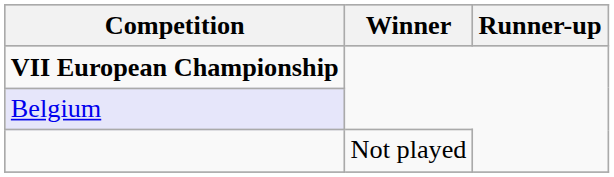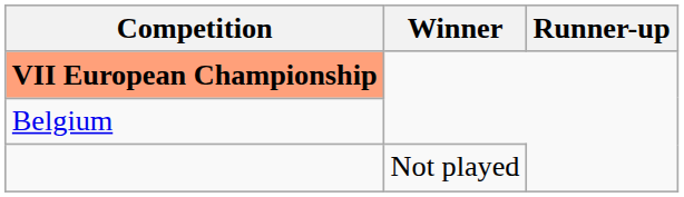 <table class="wikitable">
 <tr>
 <th><strong>Competition</strong></th>
 <th><strong>Winner</strong></th>
 <th><strong>Runner-up</strong></th>
 </tr>
 <tr>
-<td rowspan=1><strong>VII European Championship</strong></td>
+<td rowspan=1 style="background: lightsalmon;"><strong>VII European Championship</strong></td>
 </tr>
 <tr>
-<td rowspan=1 style="background: lavender;"><a href='#'>Belgium</a></td>
+<td rowspan=1><a href='#'>Belgium</a></td>
 </tr>
 <tr>
 <td rowspan=1></td>
 <td>Not played</td>
 </tr>
 </table>
